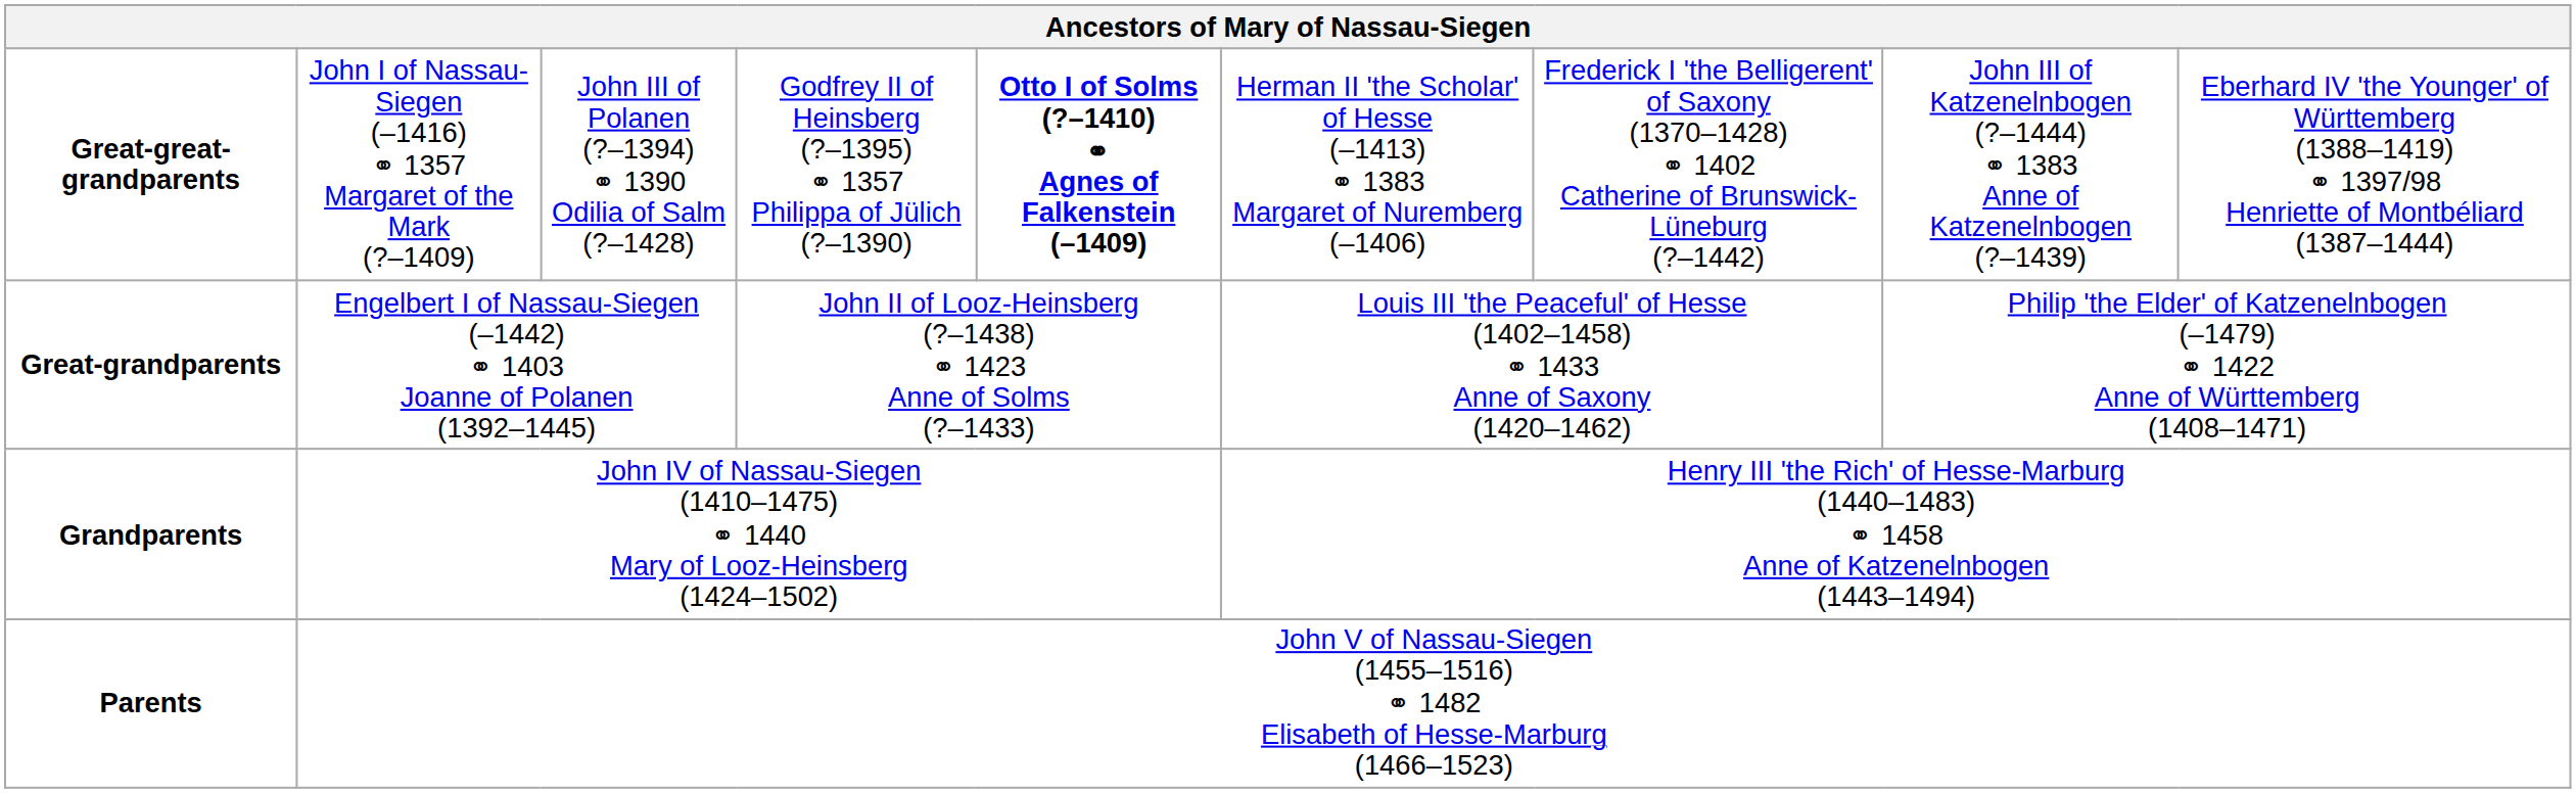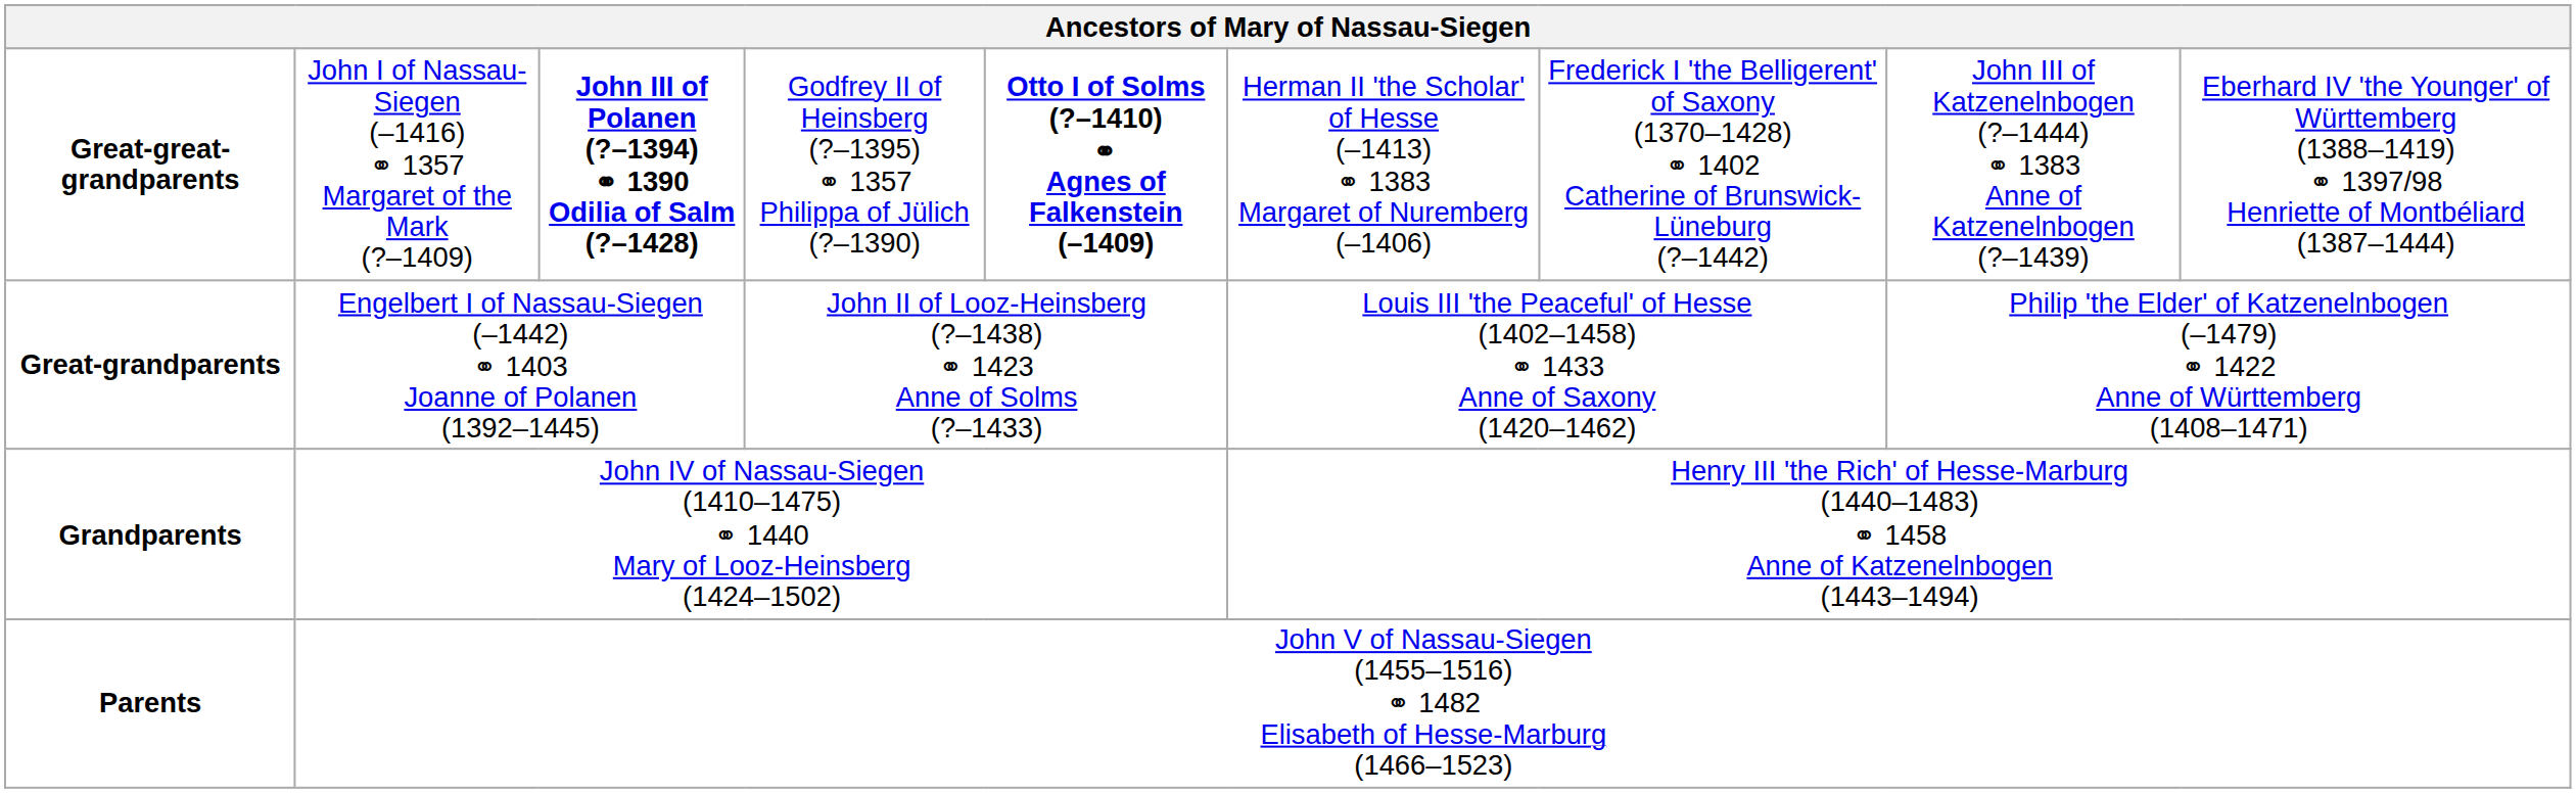 <table class="wikitable" style="background:#FFFFFF; font-size:85%; text-align:center">
 <tr bgcolor="#E0E0E0">
 <th colspan="9">Ancestors of Mary of Nassau-Siegen</th>
 </tr>
 <tr>
 <td><strong>Great-great-grandparents</strong></td>
 <td colspan="1"><a href='#'>John I of Nassau-Siegen</a><br>(–1416)<br>⚭ 1357<br><a href='#'>Margaret of the Mark</a><br>(?–1409)</td>
-<td colspan="1"><a href='#'>John III of Polanen</a><br>(?–1394)<br>⚭ 1390<br><a href='#'>Odilia of Salm</a><br>(?–1428)</td>
+<td colspan="1"><strong><a href='#'>John III of Polanen</a><br>(?–1394)<br>⚭ 1390<br><a href='#'>Odilia of Salm</a><br>(?–1428)</strong></td>
 <td colspan="1"><a href='#'>Godfrey II of Heinsberg</a><br>(?–1395)<br>⚭ 1357<br><a href='#'>Philippa of Jülich</a><br>(?–1390)</td>
 <td colspan="1"><strong><a href='#'>Otto I of Solms</a><br>(?–1410)<br>⚭<br><a href='#'>Agnes of Falkenstein</a><br>(–1409)</strong></td>
 <td colspan="1"><a href='#'>Herman II 'the Scholar' of Hesse</a><br>(–1413)<br>⚭ 1383<br><a href='#'>Margaret of Nuremberg</a><br>(–1406)</td>
 <td colspan="1"><a href='#'>Frederick I 'the Belligerent' of Saxony</a><br>(1370–1428)<br>⚭ 1402<br><a href='#'>Catherine of Brunswick-Lüneburg</a><br>(?–1442)</td>
 <td colspan="1"><a href='#'>John III of Katzenelnbogen</a><br>(?–1444)<br>⚭ 1383<br><a href='#'>Anne of Katzenelnbogen</a><br>(?–1439)</td>
 <td colspan="1"><a href='#'>Eberhard IV 'the Younger' of Württemberg</a><br>(1388–1419)<br>⚭ 1397/98<br><a href='#'>Henriette of Montbéliard</a><br>(1387–1444)</td>
 </tr>
 <tr>
 <td><strong>Great-grandparents</strong></td>
 <td colspan="2"><a href='#'>Engelbert I of Nassau-Siegen</a><br>(–1442)<br>⚭ 1403<br><a href='#'>Joanne of Polanen</a><br>(1392–1445)</td>
 <td colspan="2"><a href='#'>John II of Looz-Heinsberg</a><br>(?–1438)<br>⚭ 1423<br><a href='#'>Anne of Solms</a><br>(?–1433)</td>
 <td colspan="2"><a href='#'>Louis III 'the Peaceful' of Hesse</a><br>(1402–1458)<br>⚭ 1433<br><a href='#'>Anne of Saxony</a><br>(1420–1462)</td>
 <td colspan="2"><a href='#'>Philip 'the Elder' of Katzenelnbogen</a><br>(–1479)<br>⚭ 1422<br><a href='#'>Anne of Württemberg</a><br>(1408–1471)</td>
 </tr>
 <tr>
 <td><strong>Grandparents</strong></td>
 <td colspan="4"><a href='#'>John IV of Nassau-Siegen</a><br>(1410–1475)<br>⚭ 1440<br><a href='#'>Mary of Looz-Heinsberg</a><br>(1424–1502)</td>
 <td colspan="4"><a href='#'>Henry III 'the Rich' of Hesse-Marburg</a><br>(1440–1483)<br>⚭ 1458<br><a href='#'>Anne of Katzenelnbogen</a><br>(1443–1494)</td>
 </tr>
 <tr>
 <td><strong>Parents</strong></td>
 <td colspan="8"><a href='#'>John V of Nassau-Siegen</a><br>(1455–1516)<br>⚭ 1482<br><a href='#'>Elisabeth of Hesse-Marburg</a><br>(1466–1523)</td>
 </tr>
 </table>
